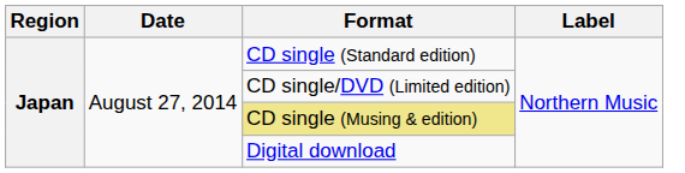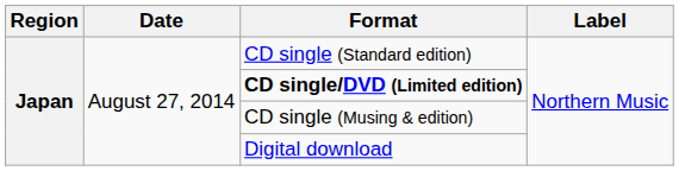 <table class="wikitable sortable plainrowheaders">
 <tr>
 <th scope="col">Region</th>
 <th scope="col">Date</th>
 <th scope="col">Format</th>
 <th scope="col">Label</th>
 </tr>
 <tr>
 <th rowspan="4">Japan</th>
 <td rowspan="4">August 27, 2014</td>
 <td><a href='#'>CD single</a> <small>(Standard edition)</small></td>
 <td rowspan="4"><a href='#'>Northern Music</a></td>
 </tr>
 <tr>
-<td>CD single/<a href='#'>DVD</a> <small>(Limited edition)</small></td>
+<td><strong>CD single/<a href='#'>DVD</a> <small>(Limited edition)</small></strong></td>
 </tr>
 <tr>
-<td style="background: khaki;">CD single <small>(Musing &  edition)</small></td>
+<td>CD single <small>(Musing &  edition)</small></td>
 </tr>
 <tr>
 <td><a href='#'>Digital download</a></td>
 </tr>
 </table>
